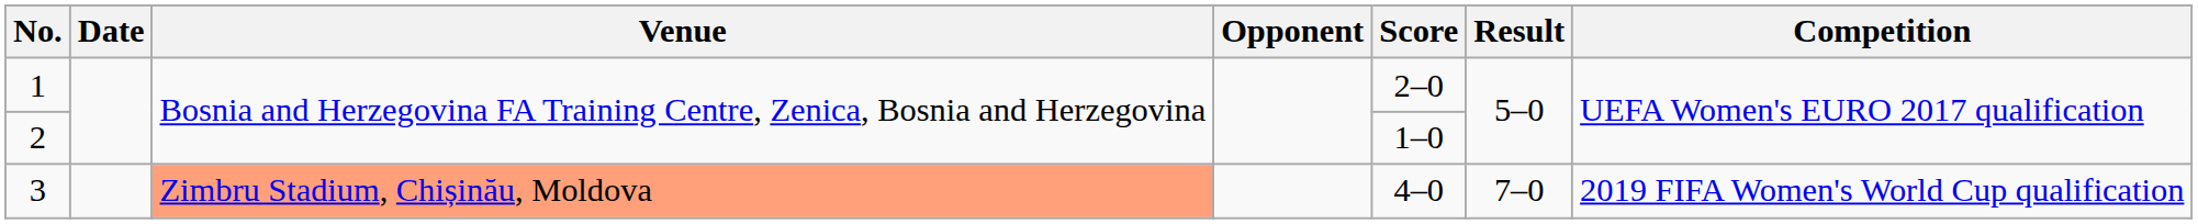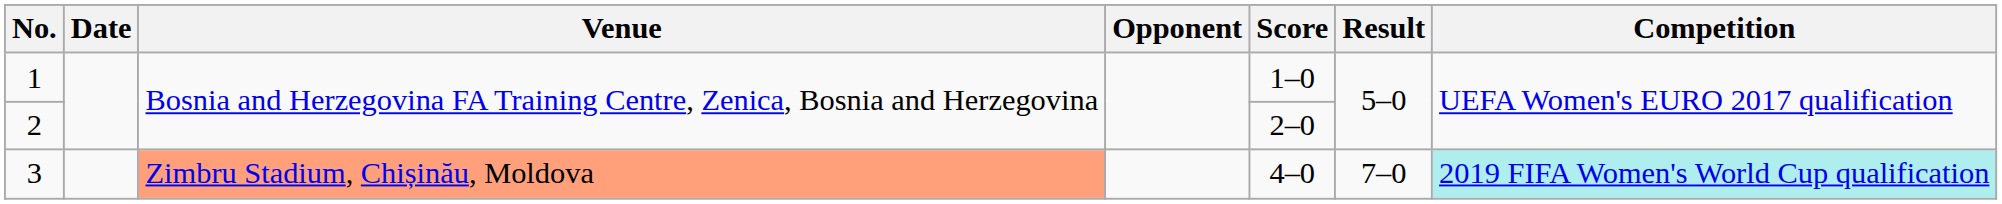 <table class="wikitable sortable">
 <tr>
 <th scope="col">No.</th>
 <th scope="col">Date</th>
 <th scope="col">Venue</th>
 <th scope="col">Opponent</th>
 <th scope="col">Score</th>
 <th scope="col">Result</th>
 <th scope="col">Competition</th>
 </tr>
 <tr>
 <td align="center">1</td>
 <td rowspan="2"></td>
 <td rowspan="2"><a href='#'>Bosnia and Herzegovina FA Training Centre</a>, <a href='#'>Zenica</a>, Bosnia and Herzegovina</td>
 <td rowspan="2"></td>
-<td align="center">2–0</td>
+<td align="center">1–0</td>
 <td rowspan="2" align="center">5–0</td>
 <td rowspan="2"><a href='#'>UEFA Women's EURO 2017 qualification</a></td>
 </tr>
 <tr>
 <td align="center">2</td>
-<td align="center">1–0</td>
+<td align="center">2–0</td>
 </tr>
 <tr>
 <td align="center">3</td>
 <td></td>
 <td style="background: lightsalmon;"><a href='#'>Zimbru Stadium</a>, <a href='#'>Chișinău</a>, Moldova</td>
 <td></td>
 <td align="center">4–0</td>
 <td align="center">7–0</td>
-<td><a href='#'>2019 FIFA Women's World Cup qualification</a></td>
+<td style="background: paleturquoise;"><a href='#'>2019 FIFA Women's World Cup qualification</a></td>
 </tr>
 </table>
